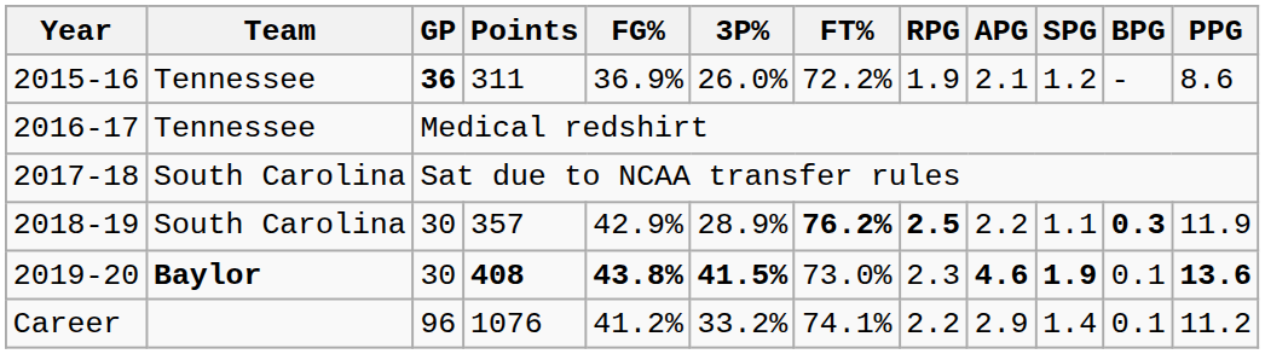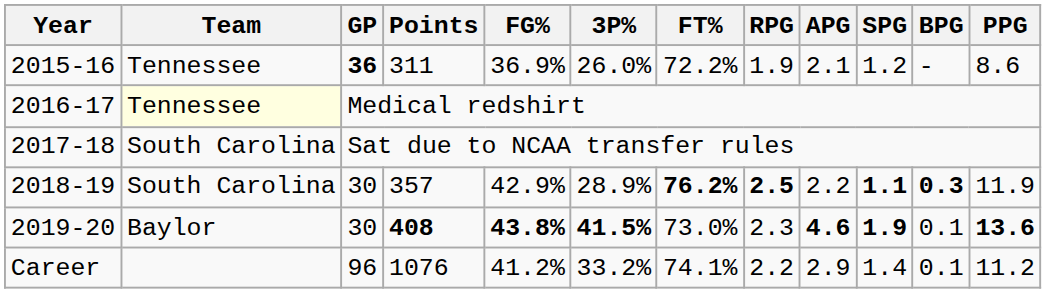 <table class="wikitable">
 <tr>
 <th>Year</th>
 <th>Team</th>
 <th>GP</th>
 <th>Points</th>
 <th>FG%</th>
 <th>3P%</th>
 <th>FT%</th>
 <th>RPG</th>
 <th>APG</th>
 <th>SPG</th>
 <th>BPG</th>
 <th>PPG</th>
 </tr>
 <tr>
 <td>2015-16</td>
 <td>Tennessee</td>
 <td><strong>36</strong></td>
 <td>311</td>
 <td>36.9%</td>
 <td>26.0%</td>
 <td>72.2%</td>
 <td>1.9</td>
 <td>2.1</td>
 <td>1.2</td>
 <td>-</td>
 <td>8.6</td>
 </tr>
 <tr>
 <td>2016-17</td>
-<td>Tennessee</td>
+<td style="background: lightyellow;">Tennessee</td>
 <td colspan="10">Medical redshirt</td>
 </tr>
 <tr>
 <td>2017-18</td>
 <td>South Carolina</td>
 <td colspan="10">Sat due to NCAA transfer rules</td>
 </tr>
 <tr>
 <td>2018-19</td>
 <td>South Carolina</td>
 <td>30</td>
 <td>357</td>
 <td>42.9%</td>
 <td>28.9%</td>
 <td><strong>76.2%</strong></td>
 <td><strong>2.5</strong></td>
 <td>2.2</td>
-<td>1.1</td>
+<td><strong>1.1</strong></td>
 <td><strong>0.3</strong></td>
 <td>11.9</td>
 </tr>
 <tr>
 <td>2019-20</td>
-<td><strong>Baylor</strong></td>
+<td>Baylor</td>
 <td>30</td>
 <td><strong>408</strong></td>
 <td><strong>43.8%</strong></td>
 <td><strong>41.5%</strong></td>
 <td>73.0%</td>
 <td>2.3</td>
 <td><strong>4.6</strong></td>
 <td><strong>1.9</strong></td>
 <td>0.1</td>
 <td><strong>13.6</strong></td>
 </tr>
 <tr>
 <td>Career</td>
 <td></td>
 <td>96</td>
 <td>1076</td>
 <td>41.2%</td>
 <td>33.2%</td>
 <td>74.1%</td>
 <td>2.2</td>
 <td>2.9</td>
 <td>1.4</td>
 <td>0.1</td>
 <td>11.2</td>
 </tr>
 </table>
